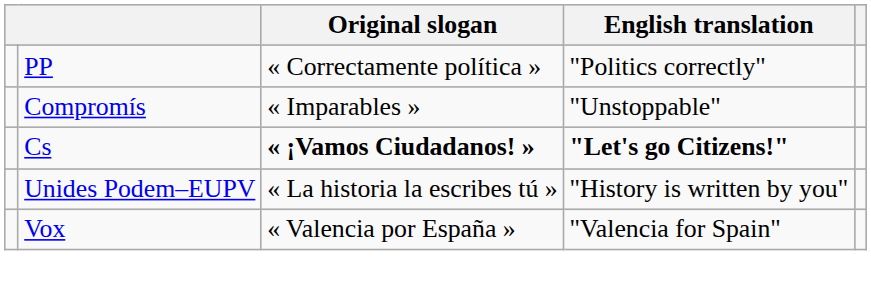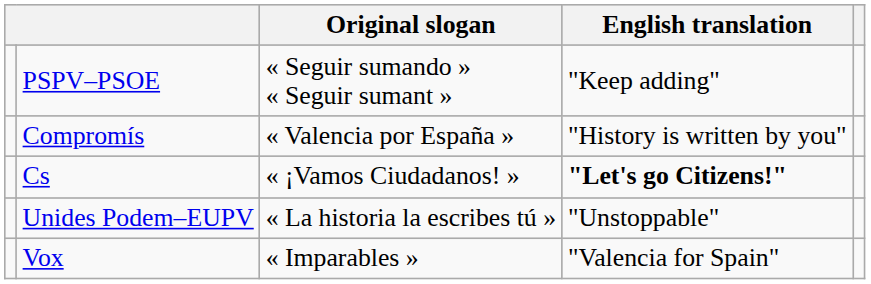 <table class="wikitable" style="text-align:left;">
 <tr>
 <th style="text-align:left;" colspan="2"></th>
 <th>Original slogan</th>
 <th>English translation</th>
 <th></th>
 </tr>
 <tr>
-<td width="1" style="color:inherit;background:"></td>
-<td><a href='#'>PP</a></td>
-<td>« Correctamente política »</td>
-<td>"Politics correctly"</td>
+<td style="color:inherit;background:"></td>
+<td><a href='#'>PSPV–PSOE</a></td>
+<td>« Seguir sumando »<br>« Seguir sumant »</td>
+<td>"Keep adding"</td>
 <td></td>
 </tr>
 <tr>
 <td style="color:inherit;background:"></td>
 <td><a href='#'>Compromís</a></td>
-<td>« Imparables »</td>
-<td>"Unstoppable"</td>
+<td>« Valencia por España »</td>
+<td>"History is written by you"</td>
 <td></td>
 </tr>
 <tr>
 <td style="color:inherit;background:"></td>
 <td><a href='#'>Cs</a></td>
-<td><strong>« ¡Vamos Ciudadanos! »</strong></td>
+<td>« ¡Vamos Ciudadanos! »</td>
 <td><strong>"Let's go Citizens!"</strong></td>
 <td></td>
 </tr>
 <tr>
 <td style="color:inherit;background:"></td>
 <td><a href='#'>Unides Podem–EUPV</a></td>
 <td>« La historia la escribes tú »</td>
-<td>"History is written by you"</td>
+<td>"Unstoppable"</td>
 <td></td>
 </tr>
 <tr>
 <td style="color:inherit;background:"></td>
 <td><a href='#'>Vox</a></td>
-<td>« Valencia por España »</td>
+<td>« Imparables »</td>
 <td>"Valencia for Spain"</td>
 <td></td>
 </tr>
 </table>
